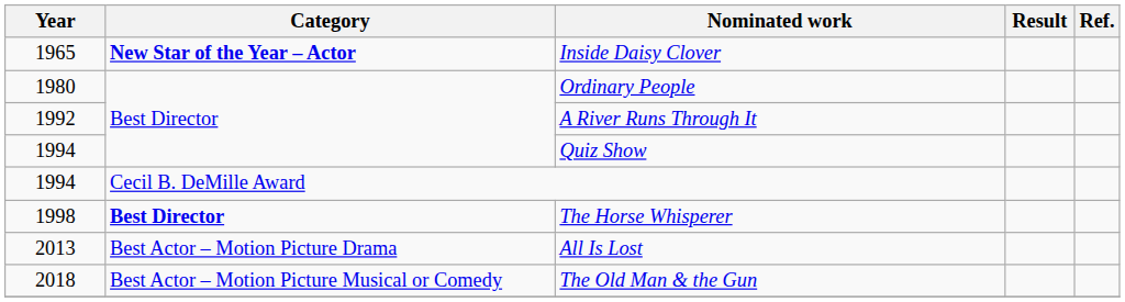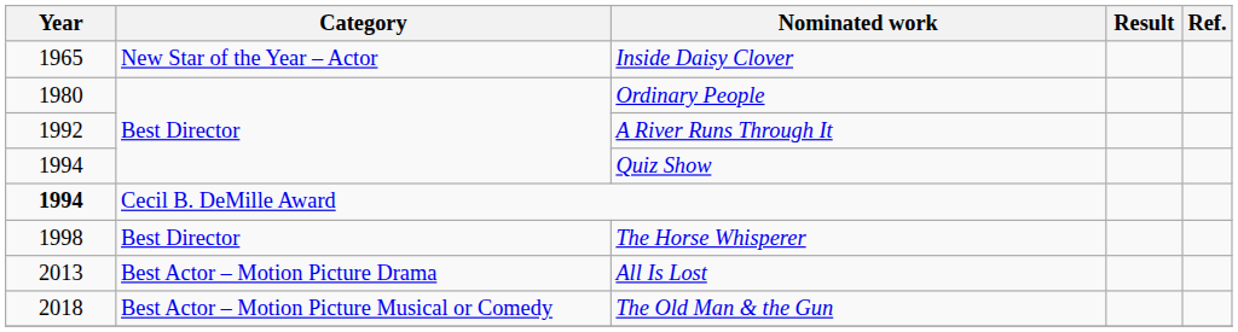 <table class="wikitable unsortable plainrowheaders" Style=font-size:98%>
 <tr>
 <th scope="col" style="width:9%;">Year</th>
 <th scope="col" style="width:20em;">Category</th>
 <th scope="col" style="width:20em;">Nominated work</th>
 <th scope="col" style="width:2em;">Result</th>
 <th scope="col" style="width:4%;" class="unsortable">Ref.</th>
 </tr>
 <tr>
 <td style="text-align:center;">1965</td>
-<td><strong><a href='#'>New Star of the Year – Actor</a></strong></td>
+<td><a href='#'>New Star of the Year – Actor</a></td>
 <td><em><a href='#'>Inside Daisy Clover</a></em></td>
 <td></td>
 <td></td>
 </tr>
 <tr>
 <td style="text-align:center;">1980</td>
 <td rowspan="3"><a href='#'>Best Director</a></td>
 <td><em><a href='#'>Ordinary People</a></em></td>
 <td></td>
 <td></td>
 </tr>
 <tr>
 <td style="text-align:center;">1992</td>
 <td><em><a href='#'>A River Runs Through It</a></em></td>
 <td></td>
 <td></td>
 </tr>
 <tr>
 <td style="text-align:center;">1994</td>
 <td><em><a href='#'>Quiz Show</a></em></td>
 <td></td>
 <td></td>
 </tr>
 <tr>
-<td style="text-align:center;">1994</td>
+<td style="text-align:center;"><strong>1994</strong></td>
 <td colspan=2><a href='#'>Cecil B. DeMille Award</a></td>
 <td></td>
 <td></td>
 </tr>
 <tr>
 <td style="text-align:center;">1998</td>
-<td><strong><a href='#'>Best Director</a></strong></td>
+<td><a href='#'>Best Director</a></td>
 <td><em><a href='#'>The Horse Whisperer</a></em></td>
 <td></td>
 <td></td>
 </tr>
 <tr>
 <td style="text-align:center;">2013</td>
 <td><a href='#'>Best Actor – Motion Picture Drama</a></td>
 <td><em><a href='#'>All Is Lost</a></em></td>
 <td></td>
 <td></td>
 </tr>
 <tr>
 <td style="text-align:center;">2018</td>
 <td><a href='#'>Best Actor – Motion Picture Musical or Comedy</a></td>
 <td><em><a href='#'>The Old Man & the Gun</a></em></td>
 <td></td>
 <td></td>
 </tr>
 <tr>
 </tr>
 </table>
